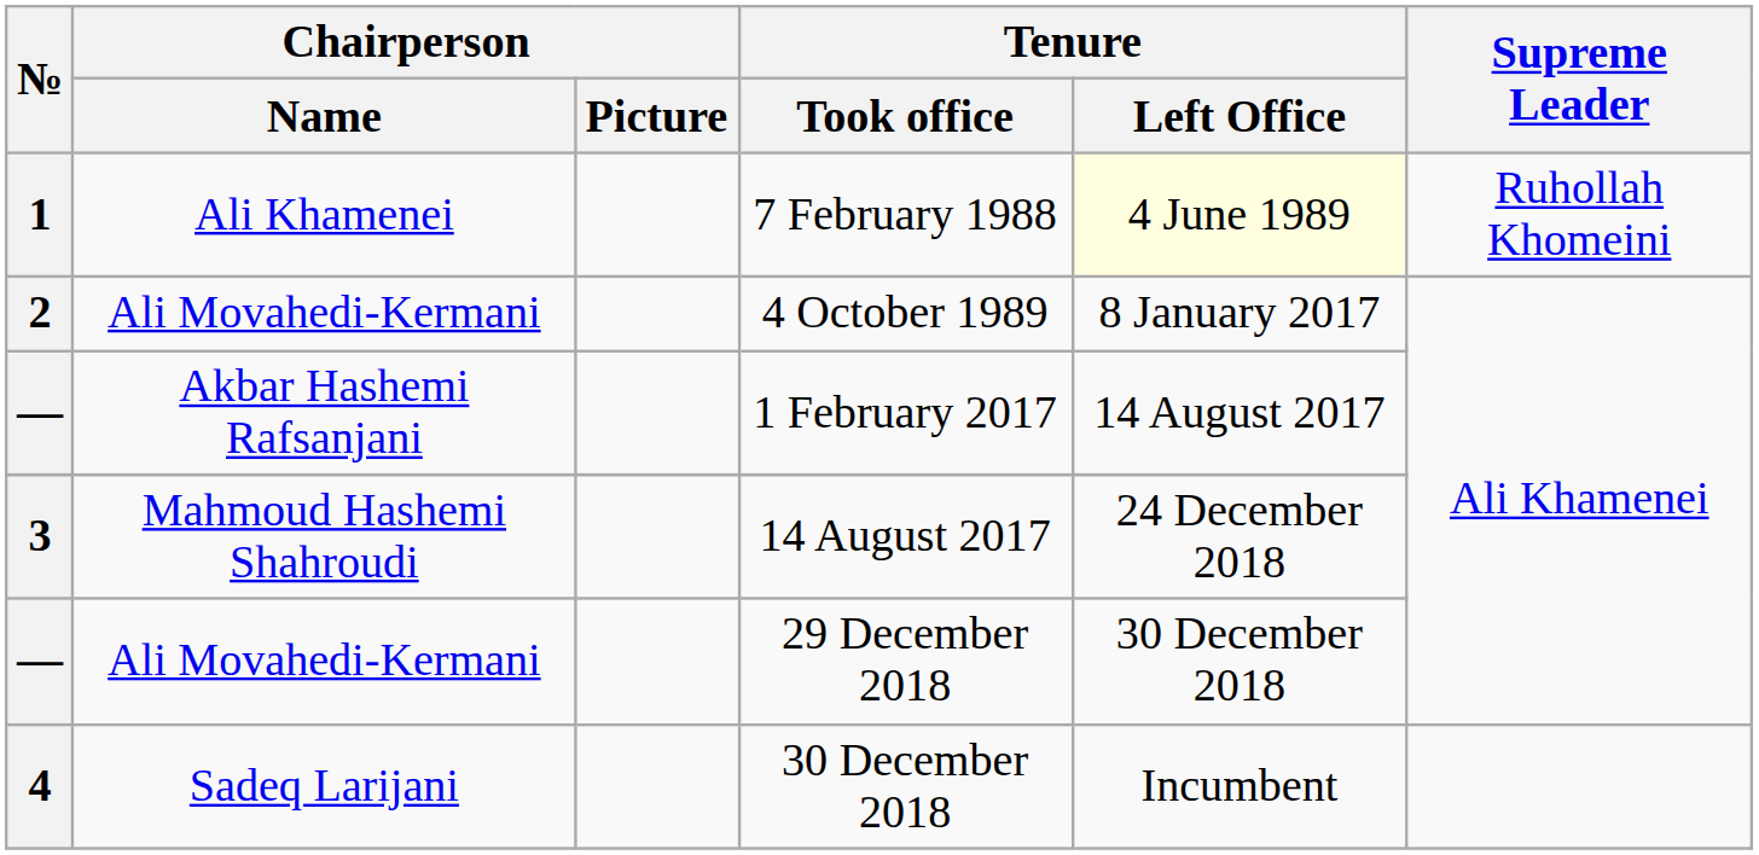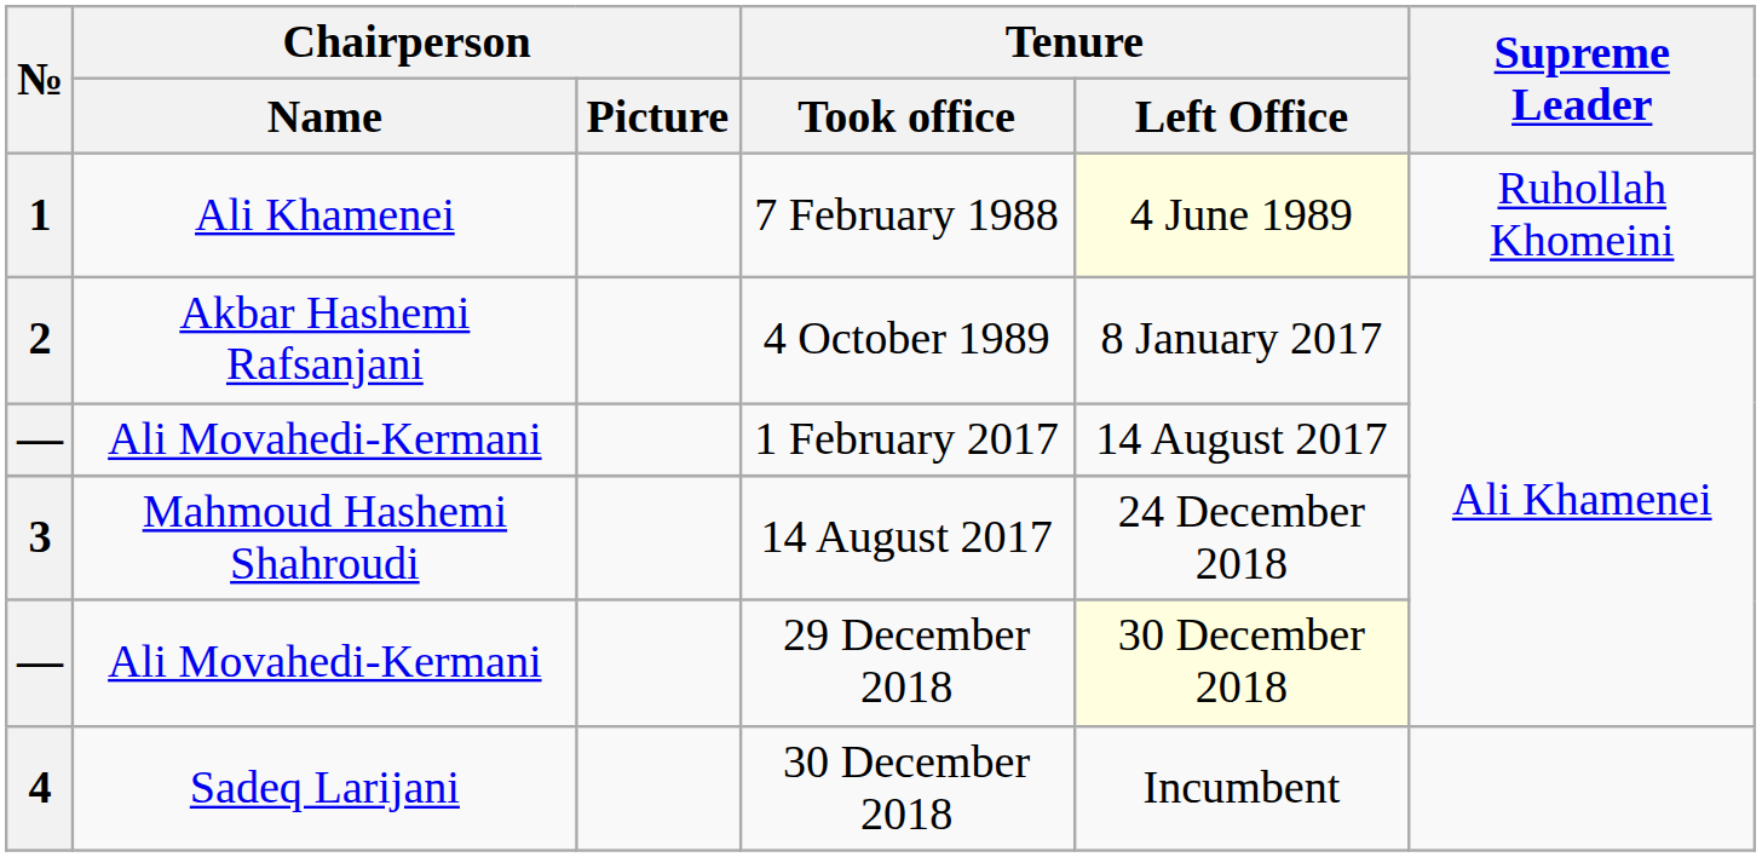 <table class="wikitable" style="text-align:center;">
 <tr>
 <th rowspan=2>№</th>
 <th colspan=2>Chairperson</th>
 <th colspan=2>Tenure</th>
 <th rowspan=2><a href='#'>Supreme Leader</a></th>
 </tr>
 <tr>
 <th>Name</th>
 <th>Picture</th>
 <th>Took office</th>
 <th>Left Office</th>
 </tr>
 <tr>
 <th style="background:">1</th>
 <td><a href='#'>Ali Khamenei</a></td>
 <td></td>
 <td>7 February 1988</td>
 <td style="background: lightyellow;">4 June 1989</td>
 <td><a href='#'>Ruhollah Khomeini</a></td>
 </tr>
 <tr>
 <th style="background:">2</th>
-<td><a href='#'>Ali Movahedi-Kermani</a></td>
+<td><a href='#'>Akbar Hashemi Rafsanjani</a></td>
 <td></td>
 <td>4 October 1989</td>
 <td>8 January 2017<br></td>
 <td rowspan=5><a href='#'>Ali Khamenei</a></td>
 </tr>
 <tr>
 <th style="background:">—</th>
-<td><a href='#'>Akbar Hashemi Rafsanjani</a></td>
+<td><a href='#'>Ali Movahedi-Kermani</a></td>
 <td></td>
 <td>1 February 2017</td>
 <td>14 August 2017</td>
 </tr>
 <tr>
 </tr>
 <tr>
 <th style="background:">3</th>
 <td><a href='#'>Mahmoud Hashemi Shahroudi</a></td>
 <td></td>
 <td>14 August 2017</td>
 <td>24 December 2018<br></td>
 </tr>
 <tr>
 <th style="background:">—</th>
 <td><a href='#'>Ali Movahedi-Kermani</a></td>
 <td></td>
 <td>29 December 2018</td>
-<td>30 December 2018</td>
+<td style="background: lightyellow;">30 December 2018</td>
 </tr>
 <tr>
 <th style="background:">4</th>
 <td><a href='#'>Sadeq Larijani</a></td>
 <td></td>
 <td>30 December 2018</td>
 <td>Incumbent</td>
 </tr>
 </table>
